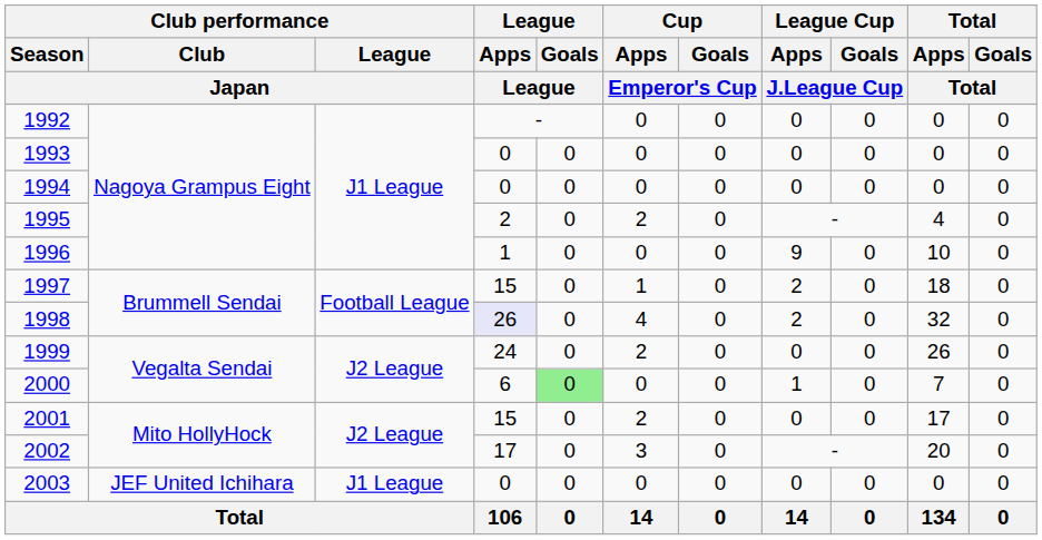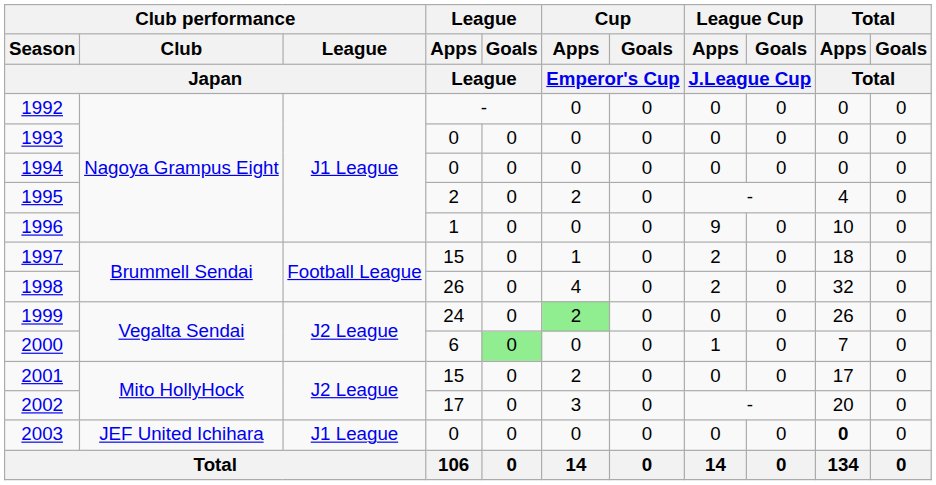 <table class="wikitable" style="text-align:center;">
 <tr>
 <th colspan=3>Club performance</th>
 <th colspan=2>League</th>
 <th colspan=2>Cup</th>
 <th colspan=2>League Cup</th>
 <th colspan=2>Total</th>
 </tr>
 <tr>
 <th>Season</th>
 <th>Club</th>
 <th>League</th>
 <th>Apps</th>
 <th>Goals</th>
 <th>Apps</th>
 <th>Goals</th>
 <th>Apps</th>
 <th>Goals</th>
 <th>Apps</th>
 <th>Goals</th>
 </tr>
 <tr>
 <th colspan=3>Japan</th>
 <th colspan=2>League</th>
 <th colspan=2><a href='#'>Emperor's Cup</a></th>
 <th colspan=2><a href='#'>J.League Cup</a></th>
 <th colspan=2>Total</th>
 </tr>
 <tr>
 <td><a href='#'>1992</a></td>
 <td rowspan="5"><a href='#'>Nagoya Grampus Eight</a></td>
 <td rowspan="5"><a href='#'>J1 League</a></td>
 <td colspan="2">-</td>
 <td>0</td>
 <td>0</td>
 <td>0</td>
 <td>0</td>
 <td>0</td>
 <td>0</td>
 </tr>
 <tr>
 <td><a href='#'>1993</a></td>
 <td>0</td>
 <td>0</td>
 <td>0</td>
 <td>0</td>
 <td>0</td>
 <td>0</td>
 <td>0</td>
 <td>0</td>
 </tr>
 <tr>
 <td><a href='#'>1994</a></td>
 <td>0</td>
 <td>0</td>
 <td>0</td>
 <td>0</td>
 <td>0</td>
 <td>0</td>
 <td>0</td>
 <td>0</td>
 </tr>
 <tr>
 <td><a href='#'>1995</a></td>
 <td>2</td>
 <td>0</td>
 <td>2</td>
 <td>0</td>
 <td colspan="2">-</td>
 <td>4</td>
 <td>0</td>
 </tr>
 <tr>
 <td><a href='#'>1996</a></td>
 <td>1</td>
 <td>0</td>
 <td>0</td>
 <td>0</td>
 <td>9</td>
 <td>0</td>
 <td>10</td>
 <td>0</td>
 </tr>
 <tr>
 <td><a href='#'>1997</a></td>
 <td rowspan="2"><a href='#'>Brummell Sendai</a></td>
 <td rowspan="2"><a href='#'>Football League</a></td>
 <td>15</td>
 <td>0</td>
 <td>1</td>
 <td>0</td>
 <td>2</td>
 <td>0</td>
 <td>18</td>
 <td>0</td>
 </tr>
 <tr>
 <td><a href='#'>1998</a></td>
-<td style="background: lavender;">26</td>
+<td>26</td>
 <td>0</td>
 <td>4</td>
 <td>0</td>
 <td>2</td>
 <td>0</td>
 <td>32</td>
 <td>0</td>
 </tr>
 <tr>
 <td><a href='#'>1999</a></td>
 <td rowspan="2"><a href='#'>Vegalta Sendai</a></td>
 <td rowspan="2"><a href='#'>J2 League</a></td>
 <td>24</td>
 <td>0</td>
-<td>2</td>
+<td style="background: lightgreen;">2</td>
 <td>0</td>
 <td>0</td>
 <td>0</td>
 <td>26</td>
 <td>0</td>
 </tr>
 <tr>
 <td><a href='#'>2000</a></td>
 <td>6</td>
 <td style="background: lightgreen;">0</td>
 <td>0</td>
 <td>0</td>
 <td>1</td>
 <td>0</td>
 <td>7</td>
 <td>0</td>
 </tr>
 <tr>
 <td><a href='#'>2001</a></td>
 <td rowspan="2"><a href='#'>Mito HollyHock</a></td>
 <td rowspan="2"><a href='#'>J2 League</a></td>
 <td>15</td>
 <td>0</td>
 <td>2</td>
 <td>0</td>
 <td>0</td>
 <td>0</td>
 <td>17</td>
 <td>0</td>
 </tr>
 <tr>
 <td><a href='#'>2002</a></td>
 <td>17</td>
 <td>0</td>
 <td>3</td>
 <td>0</td>
 <td colspan="2">-</td>
 <td>20</td>
 <td>0</td>
 </tr>
 <tr>
 <td><a href='#'>2003</a></td>
 <td><a href='#'>JEF United Ichihara</a></td>
 <td><a href='#'>J1 League</a></td>
 <td>0</td>
 <td>0</td>
 <td>0</td>
 <td>0</td>
 <td>0</td>
 <td>0</td>
-<td>0</td>
+<td><strong>0</strong></td>
 <td>0</td>
 </tr>
 <tr>
 <th colspan=3>Total</th>
 <th>106</th>
 <th>0</th>
 <th>14</th>
 <th>0</th>
 <th>14</th>
 <th>0</th>
 <th>134</th>
 <th>0</th>
 </tr>
 </table>
